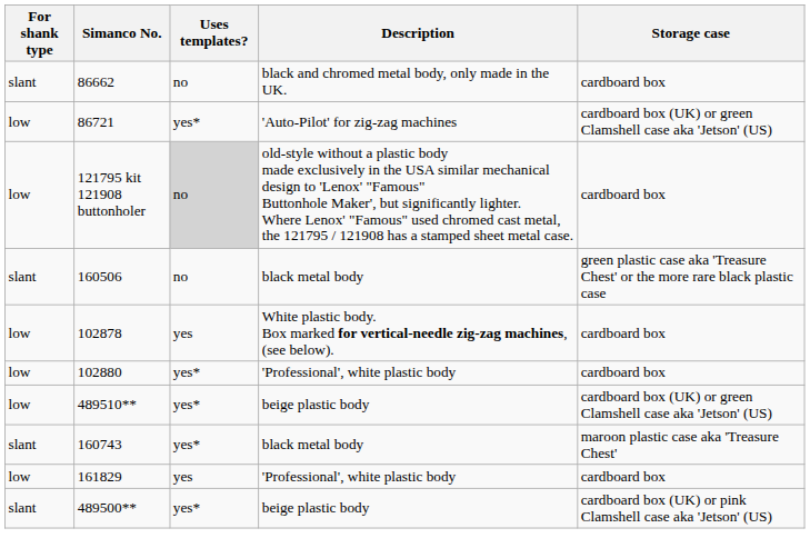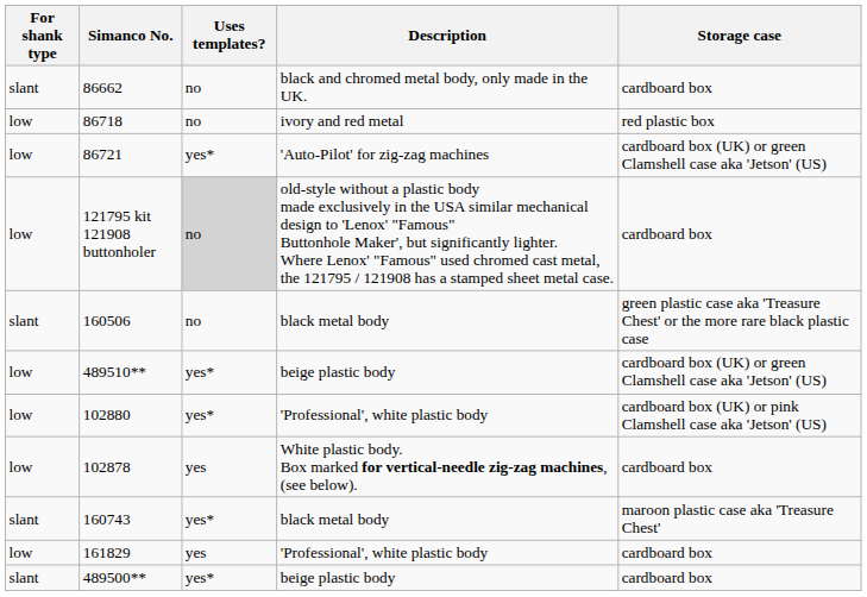 <table border="1" class="wikitable" align="center">
 <tr>
 <th>For shank type</th>
 <th>Simanco No.</th>
 <th>Uses templates?</th>
 <th>Description</th>
 <th>Storage case</th>
 </tr>
 <tr>
 <td>slant</td>
 <td>86662</td>
 <td>no</td>
 <td>black and chromed metal body, only made in the UK.</td>
 <td>cardboard box</td>
+</tr>
+<tr>
+<td>low</td>
+<td>86718</td>
+<td>no</td>
+<td>ivory and red metal</td>
+<td>red plastic box</td>
 </tr>
 <tr>
 <td>low</td>
 <td>86721</td>
 <td>yes*</td>
 <td>'Auto-Pilot' for zig-zag machines</td>
 <td>cardboard box (UK) or green Clamshell case aka 'Jetson' (US)</td>
 </tr>
 <tr>
 <td>low</td>
 <td>121795 kit<br>121908 buttonholer</td>
 <td style="background: lightgrey;">no</td>
 <td>old-style without a plastic body<br>made exclusively in the USA  similar mechanical design to 'Lenox' "Famous"<br>Buttonhole Maker', but significantly lighter.<br>Where Lenox' "Famous" used chromed cast metal, the 121795 / 121908 has a stamped sheet metal case. </td>
 <td>cardboard box</td>
 </tr>
 <tr>
 <td>slant</td>
 <td>160506</td>
 <td>no</td>
 <td>black metal body</td>
 <td>green plastic case aka 'Treasure Chest' or the more rare black plastic case</td>
 </tr>
 <tr>
 <td>low</td>
-<td>102878</td>
-<td>yes</td>
-<td>White plastic body.<br>Box marked <strong>for vertical-needle zig-zag machines</strong>,(see below).</td>
-<td>cardboard box</td>
+<td>489510**</td>
+<td>yes*</td>
+<td>beige plastic body</td>
+<td>cardboard box (UK) or green Clamshell case aka 'Jetson' (US)</td>
 </tr>
 <tr>
 <td>low</td>
 <td>102880</td>
 <td>yes*</td>
 <td>'Professional', white plastic body</td>
-<td>cardboard box</td>
+<td>cardboard box (UK) or pink Clamshell case aka 'Jetson' (US)</td>
 </tr>
 <tr>
 <td>low</td>
-<td>489510**</td>
-<td>yes*</td>
-<td>beige plastic body</td>
-<td>cardboard box (UK) or green Clamshell case aka 'Jetson' (US)</td>
+<td>102878</td>
+<td>yes</td>
+<td>White plastic body.<br>Box marked <strong>for vertical-needle zig-zag machines</strong>,(see below).</td>
+<td>cardboard box</td>
 </tr>
 <tr>
 <td>slant</td>
 <td>160743</td>
 <td>yes*</td>
 <td>black metal body</td>
 <td>maroon plastic case aka 'Treasure Chest'</td>
 </tr>
 <tr>
 <td>low</td>
 <td>161829</td>
 <td>yes</td>
 <td>'Professional', white plastic body</td>
 <td>cardboard box</td>
 </tr>
 <tr>
 <td>slant</td>
 <td>489500**</td>
 <td>yes*</td>
 <td>beige plastic body</td>
-<td>cardboard box (UK) or pink Clamshell case aka 'Jetson' (US)</td>
+<td>cardboard box</td>
 </tr>
 </table>
